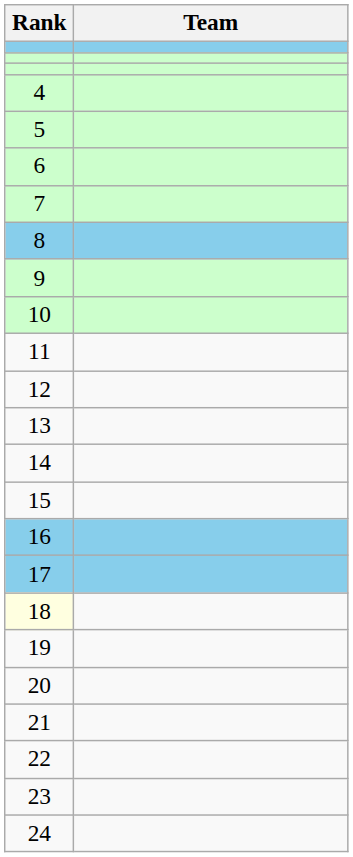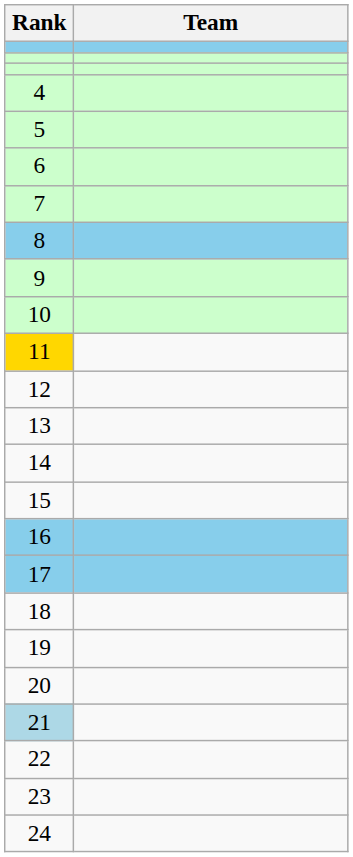 <table class="wikitable" style="text-align:center">
 <tr>
 <th width=40>Rank</th>
 <th width=180>Team</th>
 </tr>
 <tr bgcolor=#87ceeb>
 <td></td>
 <td style="text-align:left"></td>
 </tr>
 <tr bgcolor=#ccffcc>
 <td></td>
 <td style="text-align:left"></td>
 </tr>
 <tr bgcolor=#ccffcc>
 <td></td>
 <td style="text-align:left"></td>
 </tr>
 <tr bgcolor=#ccffcc>
 <td>4</td>
 <td style="text-align:left"></td>
 </tr>
 <tr bgcolor=#ccffcc>
 <td>5</td>
 <td style="text-align:left"></td>
 </tr>
 <tr bgcolor=#ccffcc>
 <td>6</td>
 <td style="text-align:left"></td>
 </tr>
 <tr bgcolor=#ccffcc>
 <td>7</td>
 <td style="text-align:left"></td>
 </tr>
 <tr bgcolor=#87ceeb>
 <td>8</td>
 <td style="text-align:left"></td>
 </tr>
 <tr bgcolor=#ccffcc>
 <td>9</td>
 <td style="text-align:left"></td>
 </tr>
 <tr bgcolor=#ccffcc>
 <td>10</td>
 <td style="text-align:left"></td>
 </tr>
 <tr>
-<td>11</td>
+<td style="background: gold;">11</td>
 <td style="text-align:left"></td>
 </tr>
 <tr>
 <td>12</td>
 <td style="text-align:left"></td>
 </tr>
 <tr>
 <td>13</td>
 <td style="text-align:left"></td>
 </tr>
 <tr>
 <td>14</td>
 <td style="text-align:left"></td>
 </tr>
 <tr>
 <td>15</td>
 <td style="text-align:left"></td>
 </tr>
 <tr bgcolor=#87ceeb>
 <td>16</td>
 <td style="text-align:left"></td>
 </tr>
 <tr bgcolor=#87ceeb>
 <td>17</td>
 <td style="text-align:left"></td>
 </tr>
 <tr>
-<td style="background: lightyellow;">18</td>
+<td>18</td>
 <td style="text-align:left"></td>
 </tr>
 <tr>
 <td>19</td>
 <td style="text-align:left"></td>
 </tr>
 <tr>
 <td>20</td>
 <td style="text-align:left"></td>
 </tr>
 <tr>
-<td>21</td>
+<td style="background: lightblue;">21</td>
 <td style="text-align:left"></td>
 </tr>
 <tr>
 <td>22</td>
 <td style="text-align:left"></td>
 </tr>
 <tr>
 <td>23</td>
 <td style="text-align:left"></td>
 </tr>
 <tr>
 <td>24</td>
 <td style="text-align:left"></td>
 </tr>
 </table>
